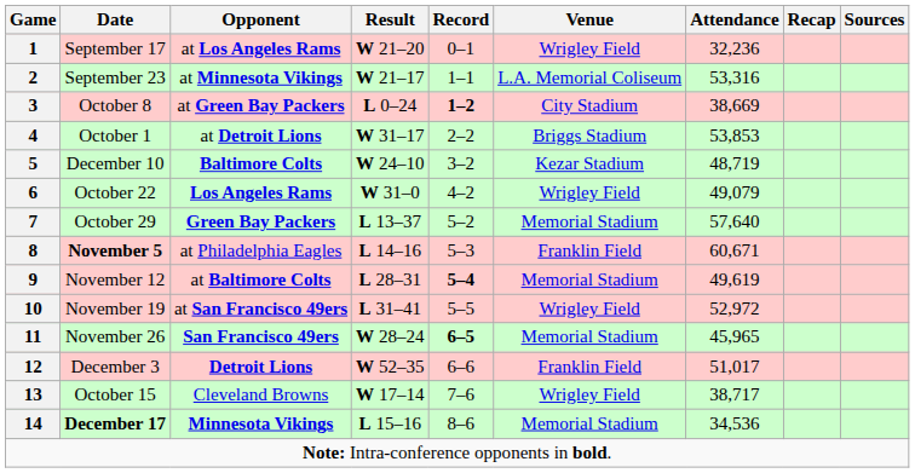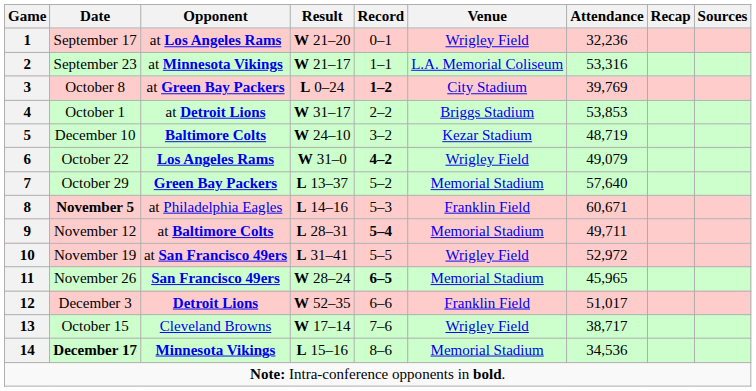 <table class="wikitable" style="text-align:center">
 <tr>
 <th>Game</th>
 <th>Date</th>
 <th>Opponent</th>
 <th>Result</th>
 <th>Record</th>
 <th>Venue</th>
 <th>Attendance</th>
 <th>Recap</th>
 <th>Sources</th>
 </tr>
 <tr style="background:#fcc">
 <th>1</th>
 <td>September 17</td>
 <td>at <strong><a href='#'>Los Angeles Rams</a></strong></td>
 <td><strong>W</strong> 21–20</td>
 <td>0–1</td>
 <td><a href='#'>Wrigley Field</a></td>
 <td>32,236</td>
 <td></td>
 <td></td>
 </tr>
 <tr style="background:#cfc">
 <th>2</th>
 <td>September 23</td>
 <td>at <strong><a href='#'>Minnesota Vikings</a></strong></td>
 <td><strong>W</strong> 21–17</td>
 <td>1–1</td>
 <td><a href='#'>L.A. Memorial Coliseum</a></td>
 <td>53,316</td>
 <td></td>
 <td></td>
 </tr>
 <tr style="background:#fcc">
 <th>3</th>
 <td>October 8</td>
 <td>at <strong><a href='#'>Green Bay Packers</a></strong></td>
 <td><strong>L</strong> 0–24</td>
 <td><strong>1–2</strong></td>
 <td><a href='#'>City Stadium</a></td>
-<td>38,669</td>
+<td>39,769</td>
 <td></td>
 <td></td>
 </tr>
 <tr style="background:#cfc">
 <th>4</th>
 <td>October 1</td>
 <td>at <strong><a href='#'>Detroit Lions</a></strong></td>
 <td><strong>W</strong> 31–17</td>
 <td>2–2</td>
 <td><a href='#'>Briggs Stadium</a></td>
 <td>53,853</td>
 <td></td>
 <td></td>
 </tr>
 <tr style="background:#cfc">
 <th>5</th>
 <td>December 10</td>
 <td><strong><a href='#'>Baltimore Colts</a></strong></td>
 <td><strong>W</strong> 24–10</td>
 <td>3–2</td>
 <td><a href='#'>Kezar Stadium</a></td>
 <td>48,719</td>
 <td></td>
 <td></td>
 </tr>
 <tr style="background:#cfc">
 <th>6</th>
 <td>October 22</td>
 <td><strong><a href='#'>Los Angeles Rams</a></strong></td>
 <td><strong>W</strong> 31–0</td>
-<td>4–2</td>
+<td><strong>4–2</strong></td>
 <td><a href='#'>Wrigley Field</a></td>
 <td>49,079</td>
 <td></td>
 <td></td>
 </tr>
 <tr style="background:#cfc">
 <th>7</th>
 <td>October 29</td>
 <td><strong><a href='#'>Green Bay Packers</a></strong></td>
 <td><strong>L</strong> 13–37</td>
 <td>5–2</td>
 <td><a href='#'>Memorial Stadium</a></td>
 <td>57,640</td>
 <td></td>
 <td></td>
 </tr>
 <tr style="background:#fcc">
 <th>8</th>
 <td><strong>November 5</strong></td>
 <td>at <a href='#'>Philadelphia Eagles</a></td>
 <td><strong>L</strong> 14–16</td>
 <td>5–3</td>
 <td><a href='#'>Franklin Field</a></td>
 <td>60,671</td>
 <td></td>
 <td></td>
 </tr>
 <tr style="background:#fcc">
 <th>9</th>
 <td>November 12</td>
 <td>at <strong><a href='#'>Baltimore Colts</a></strong></td>
 <td><strong>L</strong> 28–31</td>
 <td><strong>5–4</strong></td>
 <td><a href='#'>Memorial Stadium</a></td>
-<td>49,619</td>
+<td>49,711</td>
 <td></td>
 <td></td>
 </tr>
 <tr style="background:#fcc">
 <th>10</th>
 <td>November 19</td>
 <td>at <strong><a href='#'>San Francisco 49ers</a></strong></td>
 <td><strong>L</strong> 31–41</td>
 <td>5–5</td>
 <td><a href='#'>Wrigley Field</a></td>
 <td>52,972</td>
 <td></td>
 <td></td>
 </tr>
 <tr style="background:#cfc">
 <th>11</th>
 <td>November 26</td>
 <td><strong><a href='#'>San Francisco 49ers</a></strong></td>
 <td><strong>W</strong> 28–24</td>
 <td><strong>6–5</strong></td>
 <td><a href='#'>Memorial Stadium</a></td>
 <td>45,965</td>
 <td></td>
 <td></td>
 </tr>
 <tr style="background:#fcc">
 <th>12</th>
 <td>December 3</td>
 <td><strong><a href='#'>Detroit Lions</a></strong></td>
 <td><strong>W</strong> 52–35</td>
 <td>6–6</td>
 <td><a href='#'>Franklin Field</a></td>
 <td>51,017</td>
 <td></td>
 <td></td>
 </tr>
 <tr style="background:#cfc">
 <th>13</th>
 <td>October 15</td>
 <td><a href='#'>Cleveland Browns</a></td>
 <td><strong>W</strong> 17–14</td>
 <td>7–6</td>
 <td><a href='#'>Wrigley Field</a></td>
 <td>38,717</td>
 <td></td>
 <td></td>
 </tr>
 <tr style="background:#cfc">
 <th>14</th>
 <td><strong>December 17</strong></td>
 <td><strong><a href='#'>Minnesota Vikings</a></strong></td>
 <td><strong>L</strong> 15–16</td>
 <td>8–6</td>
 <td><a href='#'>Memorial Stadium</a></td>
 <td>34,536</td>
 <td></td>
 <td></td>
 </tr>
 <tr>
 <td colspan="10"><strong>Note:</strong> Intra-conference opponents in <strong>bold</strong>.</td>
 </tr>
 </table>
